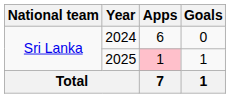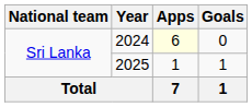 <table class="wikitable" style="text-align:center">
 <tr>
 <th>National team</th>
 <th>Year</th>
 <th>Apps</th>
 <th>Goals</th>
 </tr>
 <tr>
 <td rowspan="2"><a href='#'>Sri Lanka</a></td>
 <td>2024</td>
-<td>6</td>
+<td style="background: lightyellow;">6</td>
 <td>0</td>
 </tr>
 <tr>
 <td>2025</td>
-<td style="background: pink;">1</td>
+<td>1</td>
 <td>1</td>
 </tr>
 <tr>
 <th colspan="2">Total</th>
 <th>7</th>
 <th>1</th>
 </tr>
 </table>
